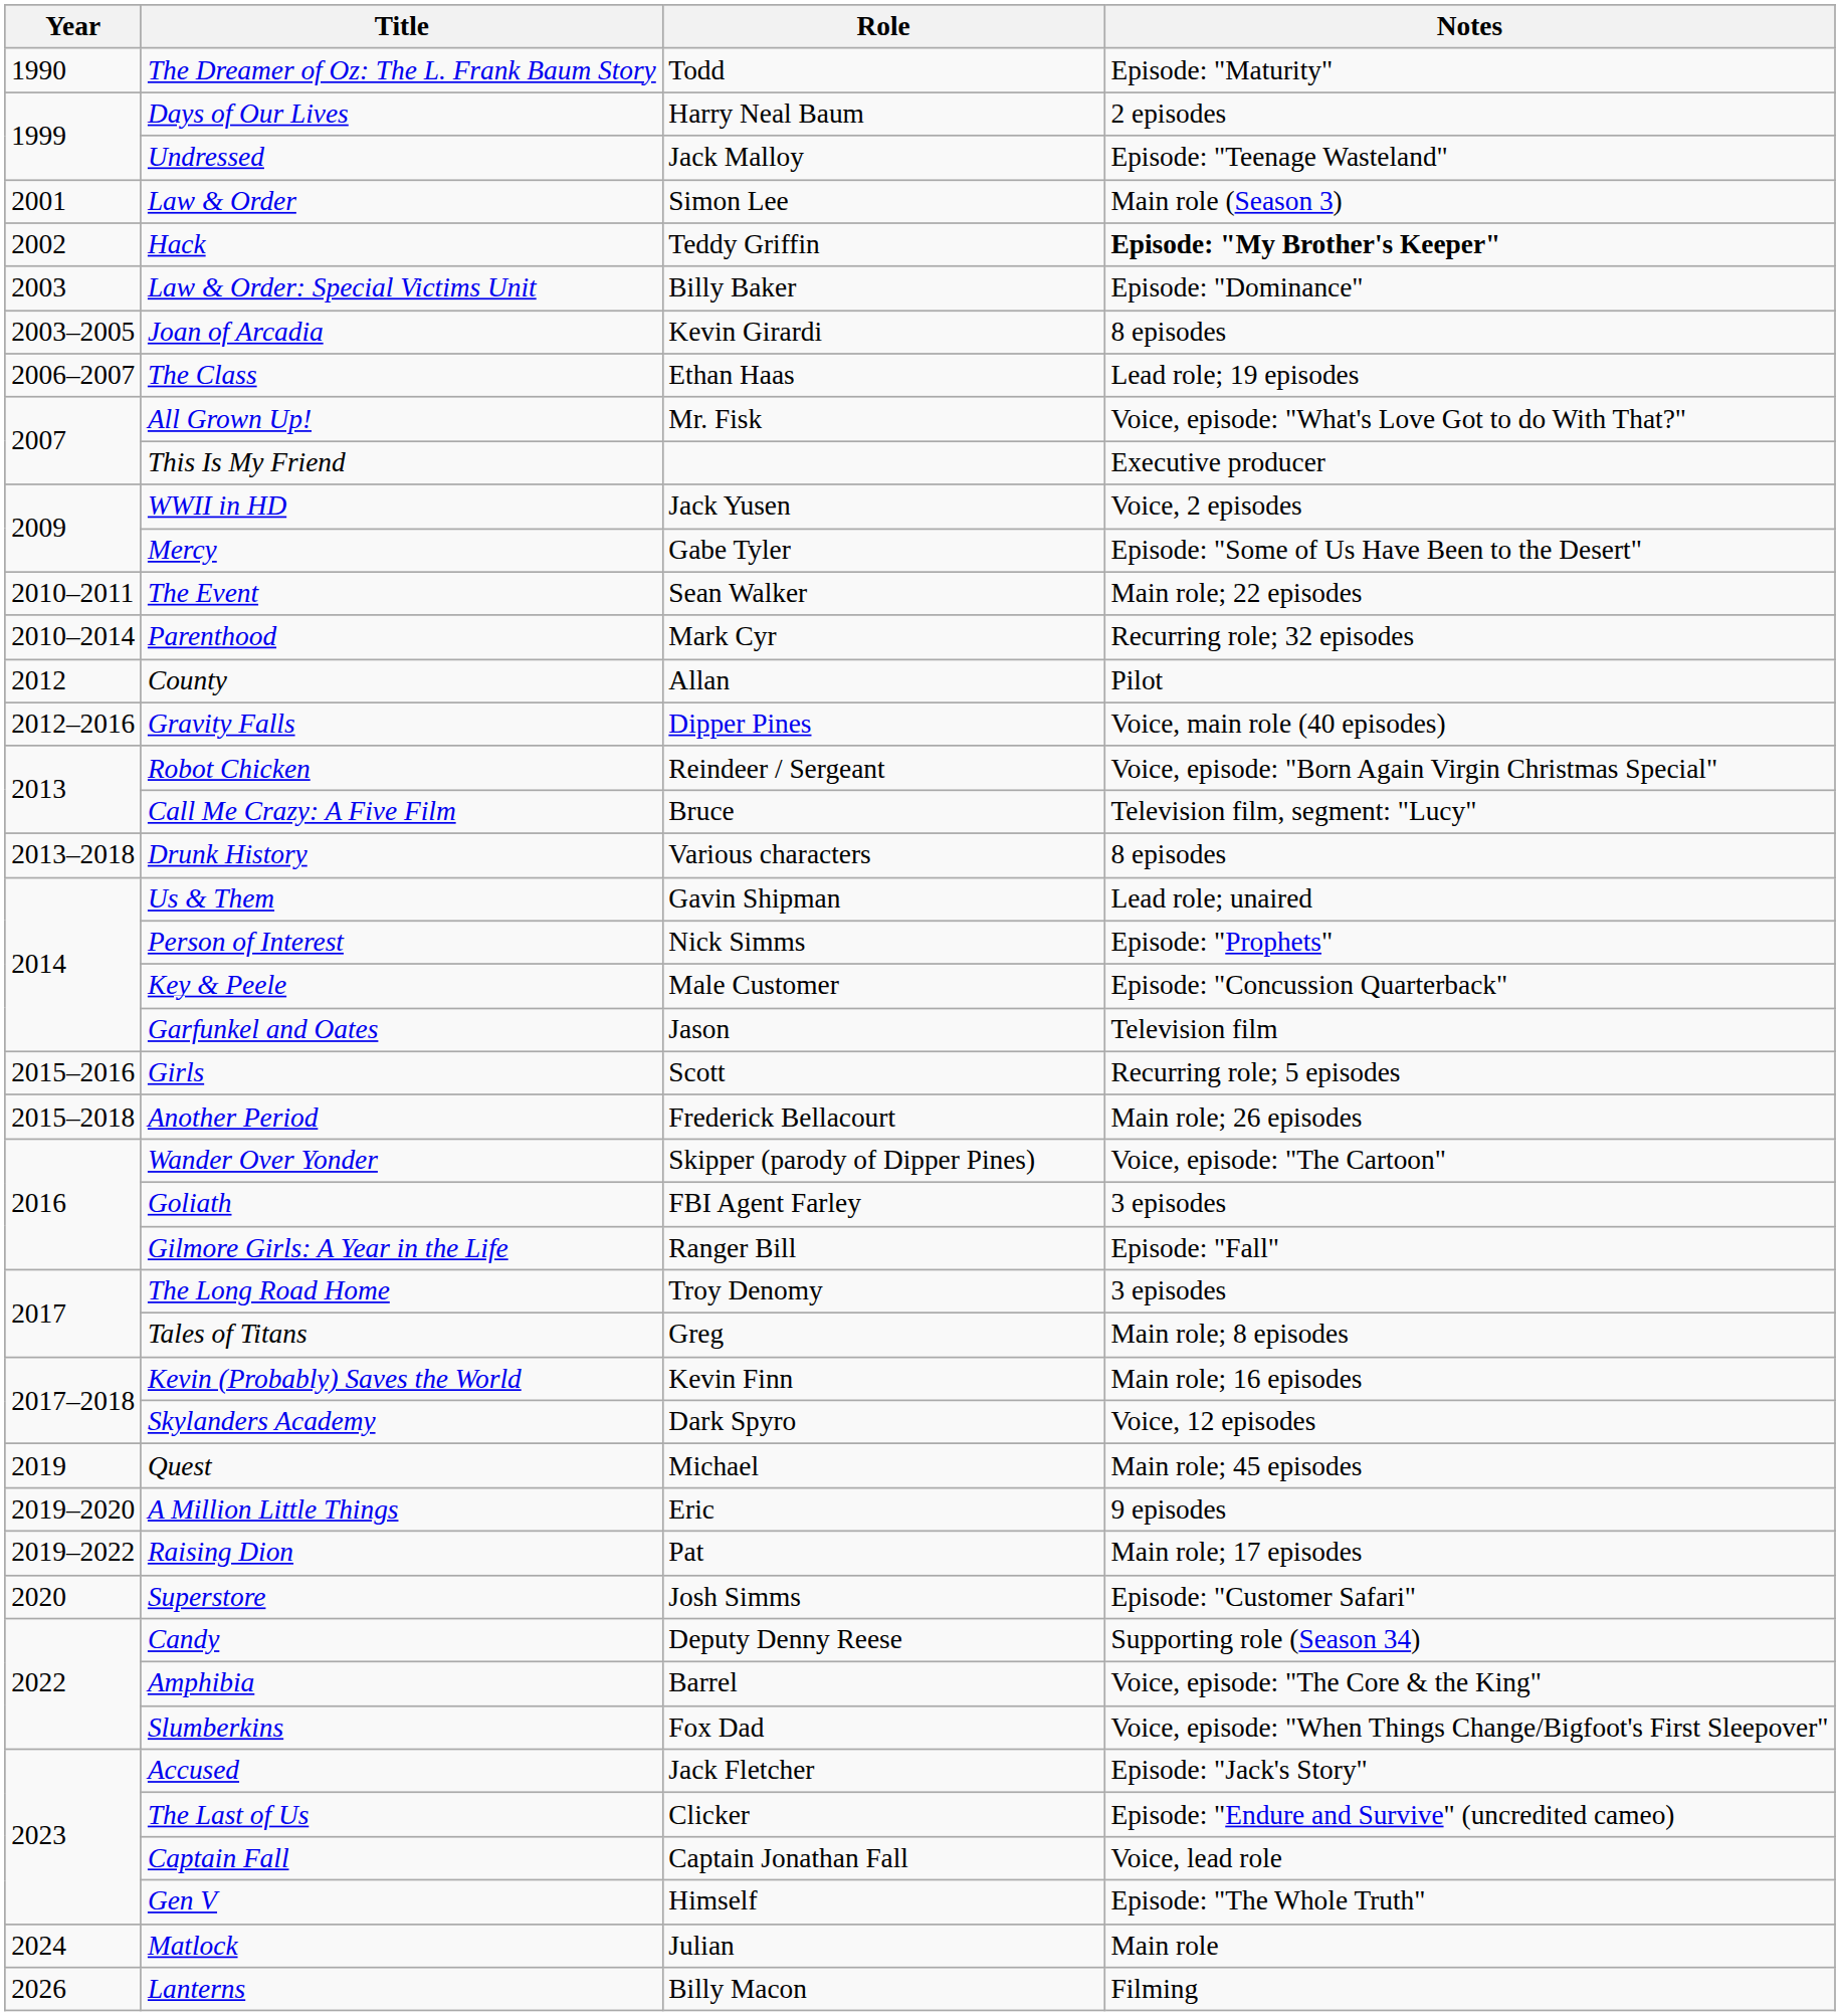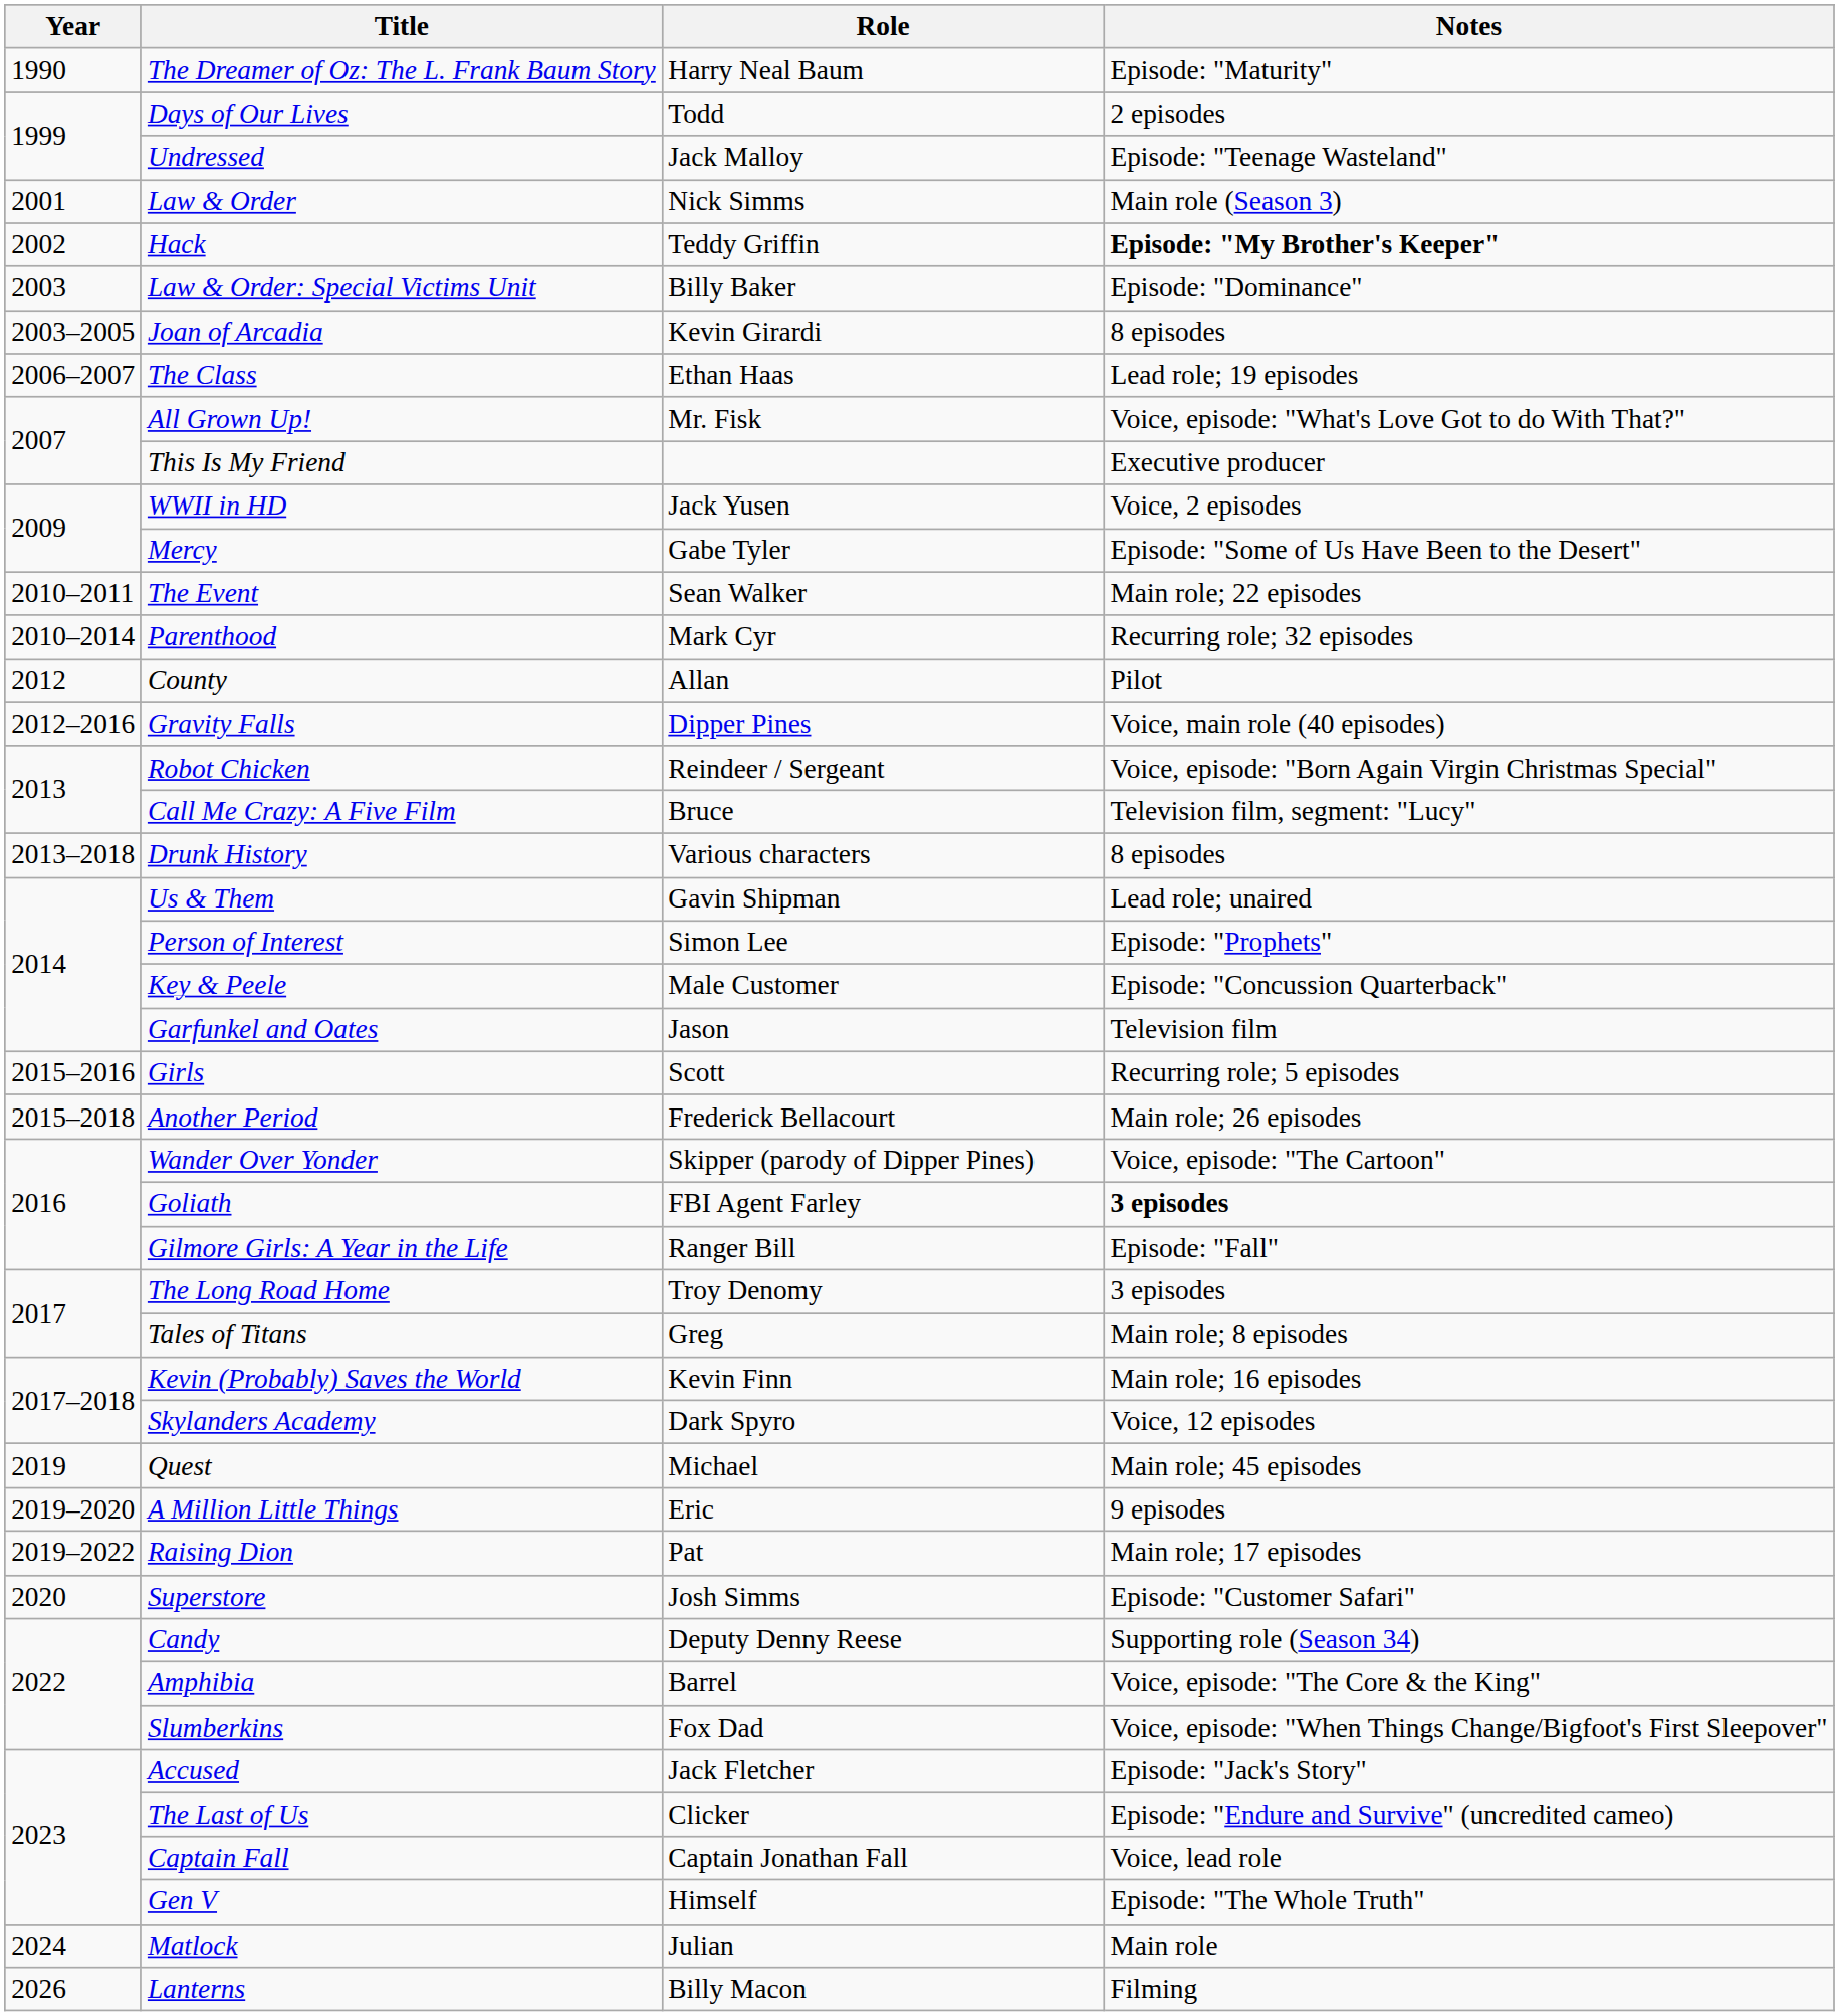 <table class="wikitable sortable">
 <tr>
 <th>Year</th>
 <th>Title</th>
 <th scope="col" width="250px">Role</th>
 <th>Notes</th>
 </tr>
 <tr>
 <td>1990</td>
 <td><em><a href='#'>The Dreamer of Oz: The L. Frank Baum Story</a></em></td>
-<td>Todd</td>
+<td>Harry Neal Baum</td>
 <td>Episode: "Maturity"</td>
 </tr>
 <tr>
 <td rowspan="2">1999</td>
 <td><em><a href='#'>Days of Our Lives</a></em></td>
-<td>Harry Neal Baum</td>
+<td>Todd</td>
 <td>2 episodes</td>
 </tr>
 <tr>
 <td><em><a href='#'>Undressed</a></em></td>
 <td>Jack Malloy</td>
 <td>Episode: "Teenage Wasteland"</td>
 </tr>
 <tr>
 <td>2001</td>
 <td><em><a href='#'>Law & Order</a></em></td>
-<td>Simon Lee</td>
+<td>Nick Simms</td>
 <td>Main role (<a href='#'>Season 3</a>)</td>
 </tr>
 <tr>
 <td>2002</td>
 <td><em><a href='#'>Hack</a></em></td>
 <td>Teddy Griffin</td>
 <td><strong>Episode: "My Brother's Keeper"</strong></td>
 </tr>
 <tr>
 <td>2003</td>
 <td><em><a href='#'>Law & Order: Special Victims Unit</a></em></td>
 <td>Billy Baker</td>
 <td>Episode: "Dominance"</td>
 </tr>
 <tr>
 <td>2003–2005</td>
 <td><em><a href='#'>Joan of Arcadia</a></em></td>
 <td>Kevin Girardi</td>
 <td>8 episodes</td>
 </tr>
 <tr>
 <td>2006–2007</td>
 <td><em><a href='#'>The Class</a></em></td>
 <td>Ethan Haas</td>
 <td>Lead role; 19 episodes</td>
 </tr>
 <tr>
 <td rowspan="2">2007</td>
 <td><em><a href='#'>All Grown Up!</a></em></td>
 <td>Mr. Fisk</td>
 <td>Voice, episode: "What's Love Got to do With That?"</td>
 </tr>
 <tr>
 <td><em>This Is My Friend</em></td>
 <td></td>
 <td>Executive producer</td>
 </tr>
 <tr>
 <td rowspan="2'">2009</td>
 <td><em><a href='#'>WWII in HD</a></em></td>
 <td>Jack Yusen</td>
 <td>Voice, 2 episodes</td>
 </tr>
 <tr>
 <td><em><a href='#'>Mercy</a></em></td>
 <td>Gabe Tyler</td>
 <td>Episode: "Some of Us Have Been to the Desert"</td>
 </tr>
 <tr>
 <td>2010–2011</td>
 <td><em><a href='#'>The Event</a></em></td>
 <td>Sean Walker</td>
 <td>Main role; 22 episodes</td>
 </tr>
 <tr>
 <td>2010–2014</td>
 <td><em><a href='#'>Parenthood</a></em></td>
 <td>Mark Cyr</td>
 <td>Recurring role; 32 episodes</td>
 </tr>
 <tr>
 <td>2012</td>
 <td><em>County</em></td>
 <td>Allan</td>
 <td>Pilot</td>
 </tr>
 <tr>
 <td>2012–2016</td>
 <td><em><a href='#'>Gravity Falls</a></em></td>
 <td><a href='#'>Dipper Pines</a></td>
 <td>Voice, main role (40 episodes)</td>
 </tr>
 <tr>
 <td rowspan="2">2013</td>
 <td><em><a href='#'>Robot Chicken</a></em></td>
 <td>Reindeer / Sergeant</td>
 <td>Voice, episode: "Born Again Virgin Christmas Special"</td>
 </tr>
 <tr>
 <td><em><a href='#'>Call Me Crazy: A Five Film</a></em></td>
 <td>Bruce</td>
 <td>Television film, segment: "Lucy"</td>
 </tr>
 <tr>
 <td>2013–2018</td>
 <td><em><a href='#'>Drunk History</a></em></td>
 <td>Various characters</td>
 <td>8 episodes</td>
 </tr>
 <tr>
 <td rowspan="4">2014</td>
 <td><em><a href='#'>Us & Them</a></em></td>
 <td>Gavin Shipman</td>
 <td>Lead role; unaired</td>
 </tr>
 <tr>
 <td><em><a href='#'>Person of Interest</a></em></td>
-<td>Nick Simms</td>
+<td>Simon Lee</td>
 <td>Episode: "<a href='#'>Prophets</a>"</td>
 </tr>
 <tr>
 <td><em><a href='#'>Key & Peele</a></em></td>
 <td>Male Customer</td>
 <td>Episode: "Concussion Quarterback"</td>
 </tr>
 <tr>
 <td><em><a href='#'>Garfunkel and Oates</a></em></td>
 <td>Jason</td>
 <td>Television film</td>
 </tr>
 <tr>
 <td>2015–2016</td>
 <td><em><a href='#'>Girls</a></em></td>
 <td>Scott</td>
 <td>Recurring role; 5 episodes</td>
 </tr>
 <tr>
 <td>2015–2018</td>
 <td><em><a href='#'>Another Period</a></em></td>
 <td>Frederick Bellacourt</td>
 <td>Main role; 26 episodes</td>
 </tr>
 <tr>
 <td rowspan="3">2016</td>
 <td><em><a href='#'>Wander Over Yonder</a></em></td>
 <td>Skipper (parody of Dipper Pines)</td>
 <td>Voice, episode: "The Cartoon"</td>
 </tr>
 <tr>
 <td><em><a href='#'>Goliath</a></em></td>
 <td>FBI Agent Farley</td>
-<td>3 episodes</td>
+<td><strong>3 episodes</strong></td>
 </tr>
 <tr>
 <td><em><a href='#'>Gilmore Girls: A Year in the Life</a></em></td>
 <td>Ranger Bill</td>
 <td>Episode: "Fall"</td>
 </tr>
 <tr>
 <td rowspan="2">2017</td>
 <td><em><a href='#'>The Long Road Home</a></em></td>
 <td>Troy Denomy</td>
 <td>3 episodes</td>
 </tr>
 <tr>
 <td><em>Tales of Titans</em></td>
 <td>Greg</td>
 <td>Main role; 8 episodes</td>
 </tr>
 <tr>
 <td rowspan="2">2017–2018</td>
 <td><em><a href='#'>Kevin (Probably) Saves the World</a></em></td>
 <td>Kevin Finn</td>
 <td>Main role; 16 episodes</td>
 </tr>
 <tr>
 <td><em><a href='#'>Skylanders Academy</a></em></td>
 <td>Dark Spyro</td>
 <td>Voice, 12 episodes</td>
 </tr>
 <tr>
 <td>2019</td>
 <td><em>Quest</em></td>
 <td>Michael</td>
 <td>Main role; 45 episodes</td>
 </tr>
 <tr>
 <td>2019–2020</td>
 <td><em><a href='#'>A Million Little Things</a></em></td>
 <td>Eric</td>
 <td>9 episodes</td>
 </tr>
 <tr>
 <td>2019–2022</td>
 <td><em><a href='#'>Raising Dion</a></em></td>
 <td>Pat</td>
 <td>Main role; 17 episodes</td>
 </tr>
 <tr>
 <td>2020</td>
 <td><em><a href='#'>Superstore</a></em></td>
 <td>Josh Simms</td>
 <td>Episode: "Customer Safari"</td>
 </tr>
 <tr>
 <td rowspan="3">2022</td>
 <td><em><a href='#'>Candy</a></em></td>
 <td>Deputy Denny Reese</td>
 <td>Supporting role (<a href='#'>Season 34</a>)</td>
 </tr>
 <tr>
 <td><em><a href='#'>Amphibia</a></em></td>
 <td>Barrel</td>
 <td>Voice, episode: "The Core & the King"</td>
 </tr>
 <tr>
 <td><em><a href='#'>Slumberkins</a></em></td>
 <td>Fox Dad</td>
 <td>Voice, episode: "When Things Change/Bigfoot's First Sleepover"</td>
 </tr>
 <tr>
 <td rowspan="4">2023</td>
 <td><em><a href='#'>Accused</a></em></td>
 <td>Jack Fletcher</td>
 <td>Episode: "Jack's Story"</td>
 </tr>
 <tr>
 <td><em><a href='#'>The Last of Us</a></em></td>
 <td>Clicker</td>
 <td>Episode: "<a href='#'>Endure and Survive</a>" (uncredited cameo)</td>
 </tr>
 <tr>
 <td><em><a href='#'>Captain Fall</a></em></td>
 <td>Captain Jonathan Fall</td>
 <td>Voice, lead role</td>
 </tr>
 <tr>
 <td><em><a href='#'>Gen V</a></em></td>
 <td>Himself</td>
 <td>Episode: "The Whole Truth"</td>
 </tr>
 <tr>
 <td>2024</td>
 <td><em><a href='#'>Matlock</a></em></td>
 <td>Julian</td>
 <td>Main role</td>
 </tr>
 <tr>
 <td>2026</td>
 <td><em><a href='#'>Lanterns</a></em></td>
 <td>Billy Macon</td>
 <td>Filming</td>
 </tr>
 </table>
